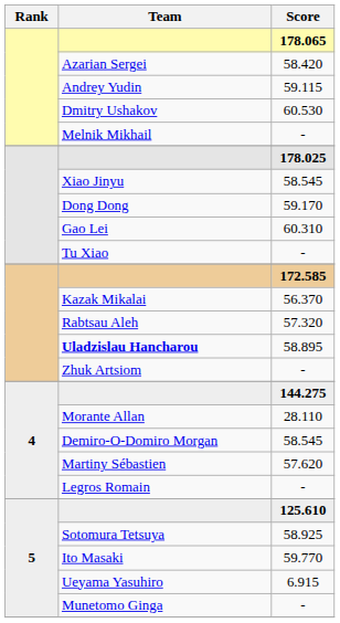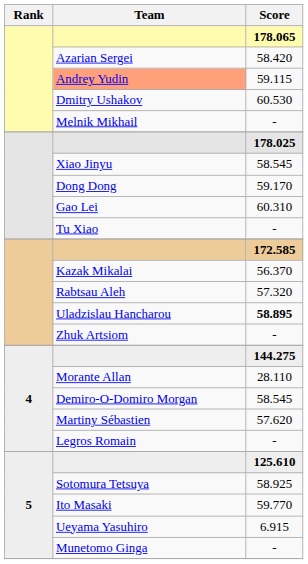 <table class="wikitable" style="text-align:center; font-size:95%">
 <tr>
 <th style="width:50px;">Rank</th>
 <th style="width:220px;">Team</th>
 <th style="width:60px;">Score</th>
 </tr>
 <tr style="background:#fffcaf;">
 <td rowspan=5></td>
 <td style="text-align:left;"><strong></strong></td>
 <td><strong>178.065</strong></td>
 </tr>
 <tr>
 <td style="text-align:left;"><a href='#'>Azarian Sergei</a></td>
 <td>58.420</td>
 </tr>
 <tr>
-<td style="text-align:left;"><a href='#'>Andrey Yudin</a></td>
+<td style="background: lightsalmon; text-align:left;"><a href='#'>Andrey Yudin</a></td>
 <td>59.115</td>
 </tr>
 <tr>
 <td style="text-align:left;"><a href='#'>Dmitry Ushakov</a></td>
 <td>60.530</td>
 </tr>
 <tr>
 <td style="text-align:left;"><a href='#'>Melnik Mikhail</a></td>
 <td>-</td>
 </tr>
 <tr>
 </tr>
 <tr style="background:#e5e5e5;">
 <td rowspan=5></td>
 <td style="text-align:left;"><strong></strong></td>
 <td><strong>178.025</strong></td>
 </tr>
 <tr>
 <td style="text-align:left;"><a href='#'>Xiao Jinyu</a></td>
 <td>58.545</td>
 </tr>
 <tr>
 <td style="text-align:left;"><a href='#'>Dong Dong</a></td>
 <td>59.170</td>
 </tr>
 <tr>
 <td style="text-align:left;"><a href='#'>Gao Lei</a></td>
 <td>60.310</td>
 </tr>
 <tr>
 <td style="text-align:left;"><a href='#'>Tu Xiao</a></td>
 <td>-</td>
 </tr>
 <tr>
 </tr>
 <tr style="background:#ec9;">
 <td rowspan=5></td>
 <td style="text-align:left;"><strong></strong></td>
 <td><strong>172.585</strong></td>
 </tr>
 <tr>
 <td style="text-align:left;"><a href='#'>Kazak Mikalai</a></td>
 <td>56.370</td>
 </tr>
 <tr>
 <td style="text-align:left;"><a href='#'>Rabtsau Aleh</a></td>
 <td>57.320</td>
 </tr>
 <tr>
-<td style="text-align:left;"><strong><a href='#'>Uladzislau Hancharou</a></strong></td>
-<td>58.895</td>
+<td style="text-align:left;"><a href='#'>Uladzislau Hancharou</a></td>
+<td><strong>58.895</strong></td>
 </tr>
 <tr>
 <td style="text-align:left;"><a href='#'>Zhuk Artsiom</a></td>
 <td>-</td>
 </tr>
 <tr>
 </tr>
 <tr style="background:#eee;">
 <td rowspan=5><strong>4</strong></td>
 <td style="text-align:left;"><strong></strong></td>
 <td><strong>144.275</strong></td>
 </tr>
 <tr>
 <td style="text-align:left;"><a href='#'>Morante Allan</a></td>
 <td>28.110</td>
 </tr>
 <tr>
 <td style="text-align:left;"><a href='#'>Demiro-O-Domiro Morgan</a></td>
 <td>58.545</td>
 </tr>
 <tr>
 <td style="text-align:left;"><a href='#'>Martiny Sébastien</a></td>
 <td>57.620</td>
 </tr>
 <tr>
 <td style="text-align:left;"><a href='#'>Legros Romain</a></td>
 <td>-</td>
 </tr>
 <tr>
 </tr>
 <tr style="background:#eee;">
 <td rowspan=5><strong>5</strong></td>
 <td style="text-align:left;"><strong></strong></td>
 <td><strong>125.610</strong></td>
 </tr>
 <tr>
 <td style="text-align:left;"><a href='#'>Sotomura Tetsuya</a></td>
 <td>58.925</td>
 </tr>
 <tr>
 <td style="text-align:left;"><a href='#'>Ito Masaki</a></td>
 <td>59.770</td>
 </tr>
 <tr>
 <td style="text-align:left;"><a href='#'>Ueyama Yasuhiro</a></td>
 <td>6.915</td>
 </tr>
 <tr>
 <td style="text-align:left;"><a href='#'>Munetomo Ginga</a></td>
 <td>-</td>
 </tr>
 <tr>
 </tr>
 </table>
